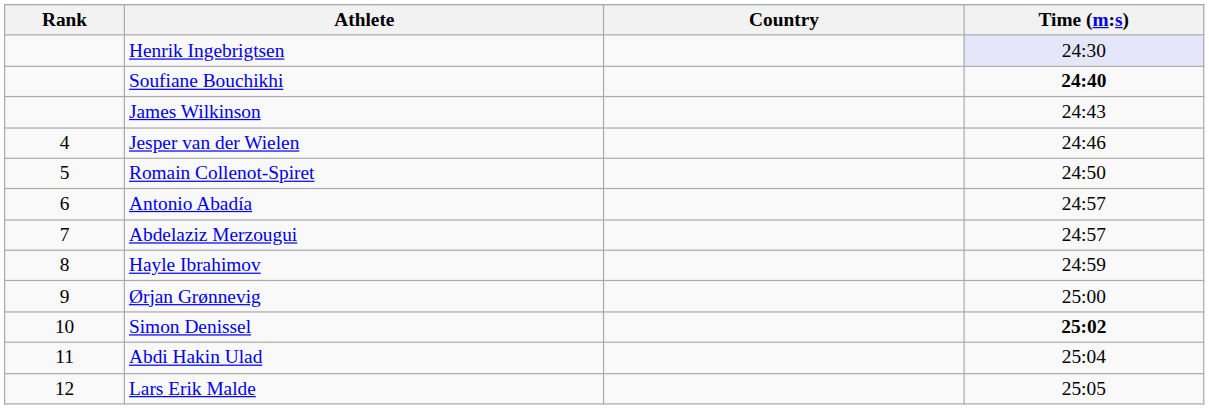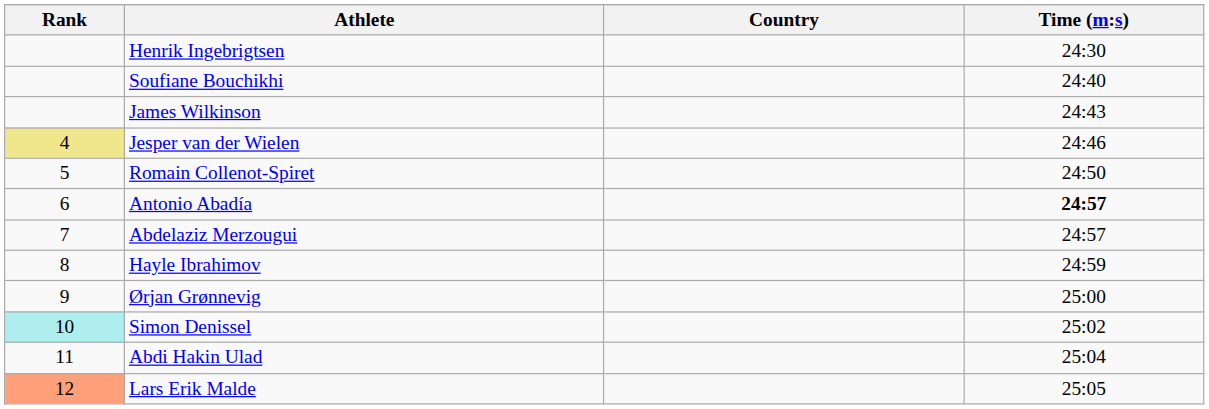 <table class="wikitable" style="width:50%;">
 <tr>
 </tr>
 <tr>
 <th width=5%>Rank</th>
 <th width=20%>Athlete</th>
 <th width=15%>Country</th>
 <th width=10%>Time (<a href='#'>m</a>:<a href='#'>s</a>)</th>
 </tr>
 <tr style="text-align:center;">
 <td></td>
 <td style="text-align:left;"><a href='#'>Henrik Ingebrigtsen</a></td>
 <td style="text-align:left;"></td>
-<td style="background: lavender;">24:30</td>
+<td>24:30</td>
 </tr>
 <tr style="text-align:center;">
 <td></td>
 <td style="text-align:left;"><a href='#'>Soufiane Bouchikhi</a></td>
 <td style="text-align:left;"></td>
-<td><strong>24:40</strong></td>
+<td>24:40</td>
 </tr>
 <tr style="text-align:center;">
 <td></td>
 <td style="text-align:left;"><a href='#'>James Wilkinson</a></td>
 <td style="text-align:left;"></td>
 <td>24:43</td>
 </tr>
 <tr style="text-align:center;">
-<td>4</td>
+<td style="background: khaki;">4</td>
 <td style="text-align:left;"><a href='#'>Jesper van der Wielen</a></td>
 <td style="text-align:left;"></td>
 <td>24:46</td>
 </tr>
 <tr style="text-align:center;">
 <td>5</td>
 <td style="text-align:left;"><a href='#'>Romain Collenot-Spiret</a></td>
 <td style="text-align:left;"></td>
 <td>24:50</td>
 </tr>
 <tr style="text-align:center;">
 <td>6</td>
 <td style="text-align:left;"><a href='#'>Antonio Abadía</a></td>
 <td style="text-align:left;"></td>
-<td>24:57</td>
+<td><strong>24:57</strong></td>
 </tr>
 <tr style="text-align:center;">
 <td>7</td>
 <td style="text-align:left;"><a href='#'>Abdelaziz Merzougui</a></td>
 <td style="text-align:left;"></td>
 <td>24:57</td>
 </tr>
 <tr style="text-align:center;">
 <td>8</td>
 <td style="text-align:left;"><a href='#'>Hayle Ibrahimov</a></td>
 <td style="text-align:left;"></td>
 <td>24:59</td>
 </tr>
 <tr style="text-align:center;">
 <td>9</td>
 <td style="text-align:left;"><a href='#'>Ørjan Grønnevig</a></td>
 <td style="text-align:left;"></td>
 <td>25:00</td>
 </tr>
 <tr style="text-align:center;">
-<td>10</td>
+<td style="background: paleturquoise;">10</td>
 <td style="text-align:left;"><a href='#'>Simon Denissel</a></td>
 <td style="text-align:left;"></td>
-<td><strong>25:02</strong></td>
+<td>25:02</td>
 </tr>
 <tr style="text-align:center;">
 <td>11</td>
 <td style="text-align:left;"><a href='#'>Abdi Hakin Ulad</a></td>
 <td style="text-align:left;"></td>
 <td>25:04</td>
 </tr>
 <tr style="text-align:center;">
-<td>12</td>
+<td style="background: lightsalmon;">12</td>
 <td style="text-align:left;"><a href='#'>Lars Erik Malde</a></td>
 <td style="text-align:left;"></td>
 <td>25:05</td>
 </tr>
 </table>
